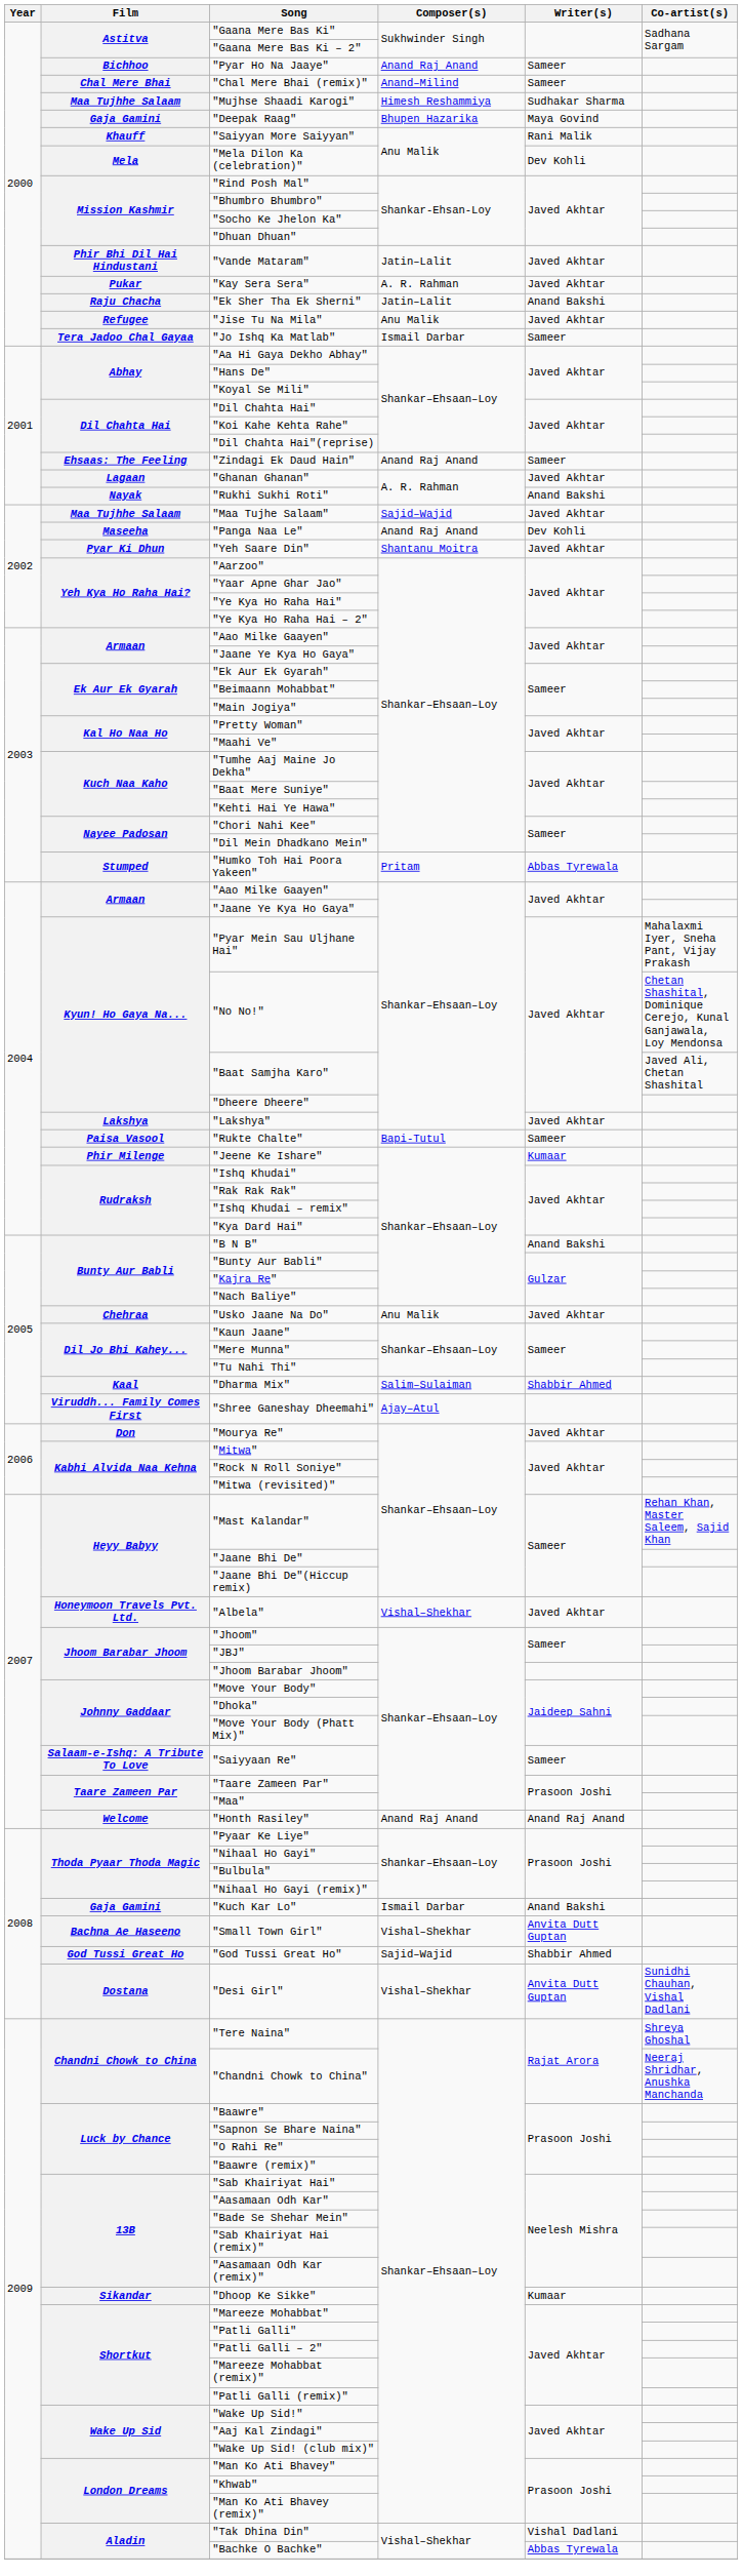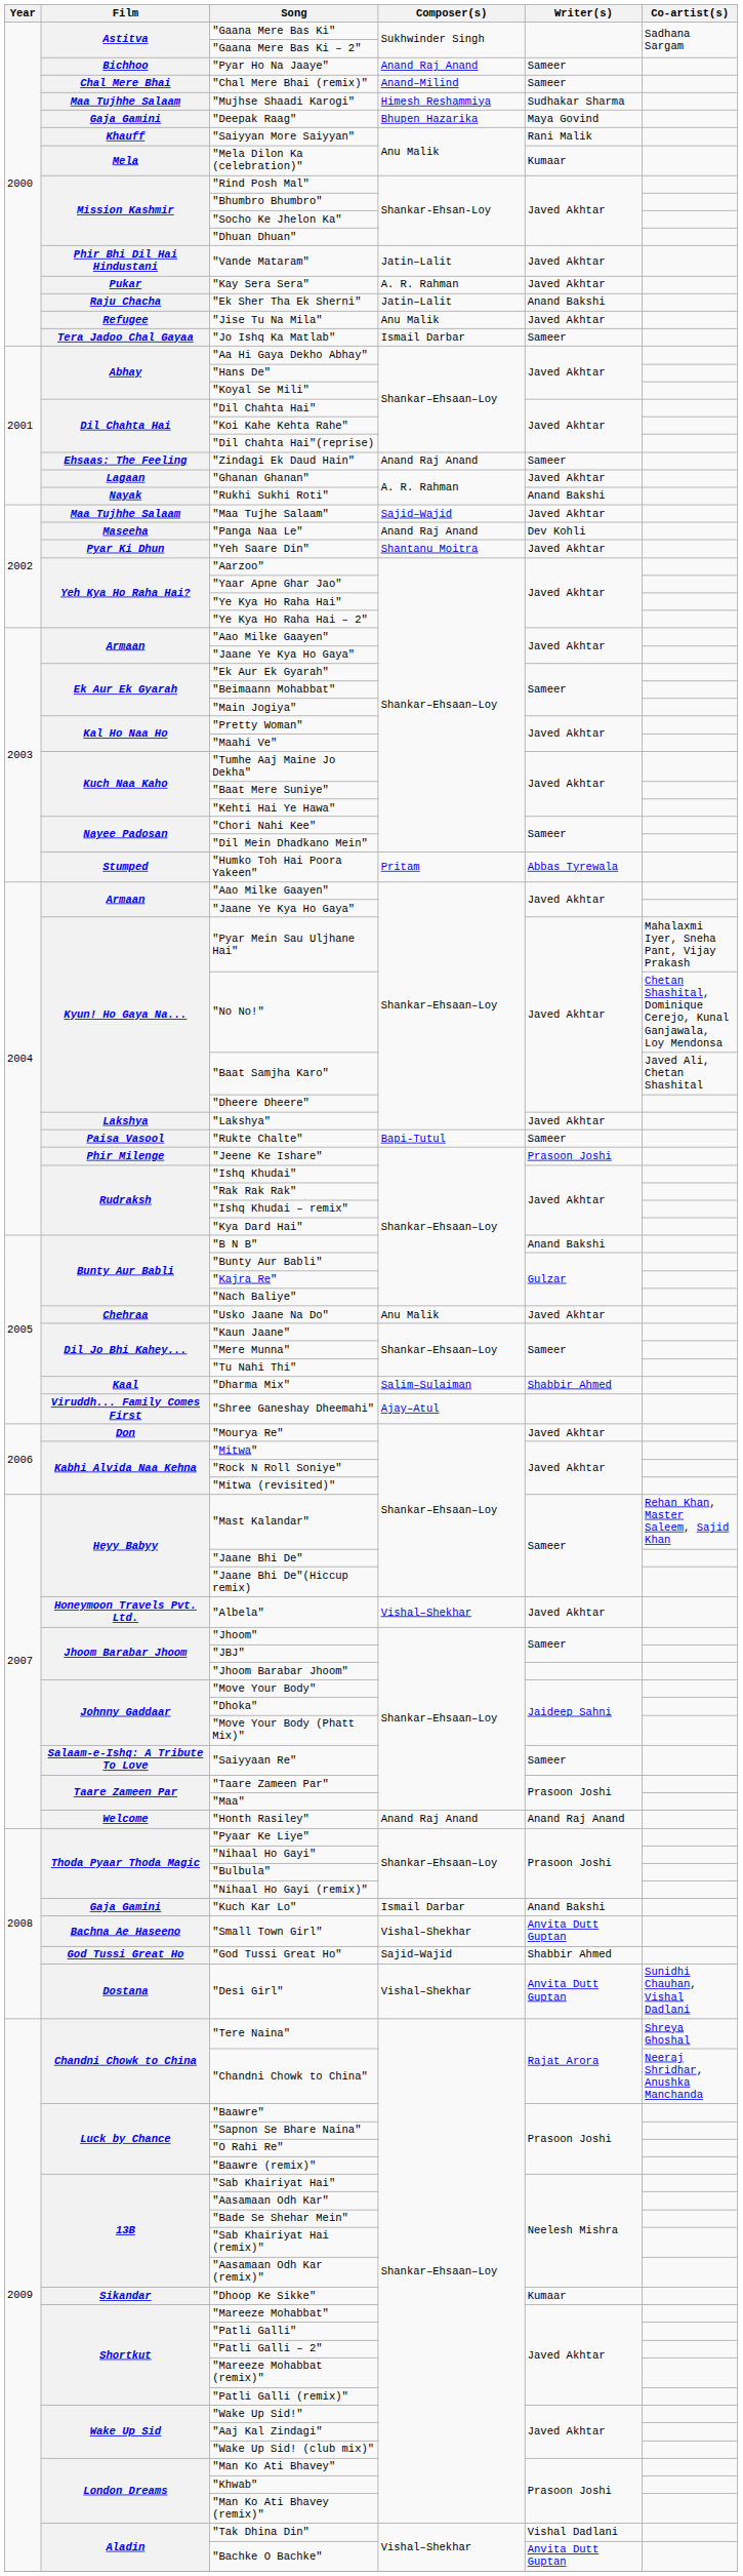 <table class="wikitable plainrowheaders" width="100%" textcolor:#000;">
 <tr style="background:#b0e0e66;">
 <th scope="col" width=5%><strong>Year</strong></th>
 <th scope="col" width=23%><strong>Film</strong></th>
 <th scope="col" width=23%><strong>Song</strong></th>
 <th scope="col" width=20%><strong>Composer(s)</strong></th>
 <th scope="col" width=16%><strong>Writer(s)</strong></th>
 <th><strong>Co-artist(s)</strong></th>
 </tr>
 <tr>
 <td rowspan="17">2000</td>
 <th rowspan="2"><em><a href='#'>Astitva</a></em></th>
 <td>"Gaana Mere Bas Ki"</td>
 <td rowspan="2">Sukhwinder Singh</td>
 <td rowspan="2"></td>
 <td rowspan="2">Sadhana Sargam</td>
 </tr>
 <tr>
 <td>"Gaana Mere Bas Ki – 2"</td>
 </tr>
 <tr>
 <th><em><a href='#'>Bichhoo</a></em></th>
 <td>"Pyar Ho Na Jaaye"</td>
 <td><a href='#'>Anand Raj Anand</a></td>
 <td>Sameer</td>
 <td></td>
 </tr>
 <tr>
 <th><em><a href='#'>Chal Mere Bhai</a></em></th>
 <td>"Chal Mere Bhai (remix)"</td>
 <td><a href='#'>Anand–Milind</a></td>
 <td>Sameer</td>
 <td></td>
 </tr>
 <tr>
 <th><em><a href='#'>Maa Tujhhe Salaam</a></em></th>
 <td>"Mujhse Shaadi Karogi"</td>
 <td><a href='#'>Himesh Reshammiya</a></td>
 <td>Sudhakar Sharma</td>
 <td></td>
 </tr>
 <tr>
 <th><em><a href='#'>Gaja Gamini</a></em></th>
 <td>"Deepak Raag"</td>
 <td><a href='#'>Bhupen Hazarika</a></td>
 <td>Maya Govind</td>
 <td></td>
 </tr>
 <tr>
 <th><em><a href='#'>Khauff</a></em></th>
 <td>"Saiyyan More Saiyyan"</td>
 <td rowspan="2">Anu Malik</td>
 <td>Rani Malik</td>
 <td></td>
 </tr>
 <tr>
 <th><em><a href='#'>Mela</a></em></th>
 <td>"Mela Dilon Ka (celebration)"</td>
-<td>Dev Kohli</td>
+<td>Kumaar</td>
 <td></td>
 </tr>
 <tr>
 <th rowspan="4"><em><a href='#'>Mission Kashmir</a></em></th>
 <td>"Rind Posh Mal"</td>
 <td rowspan="4">Shankar-Ehsan-Loy</td>
 <td rowspan="4">Javed Akhtar</td>
 <td></td>
 </tr>
 <tr>
 <td>"Bhumbro Bhumbro"</td>
 <td></td>
 </tr>
 <tr>
 <td>"Socho Ke Jhelon Ka"</td>
 <td></td>
 </tr>
 <tr>
 <td>"Dhuan Dhuan"</td>
 <td></td>
 </tr>
 <tr>
 <th><em><a href='#'>Phir Bhi Dil Hai Hindustani</a></em></th>
 <td>"Vande Mataram"</td>
 <td>Jatin–Lalit</td>
 <td>Javed Akhtar</td>
 <td></td>
 </tr>
 <tr>
 <th><em><a href='#'>Pukar</a></em></th>
 <td>"Kay Sera Sera"</td>
 <td>A. R. Rahman</td>
 <td>Javed Akhtar</td>
 <td></td>
 </tr>
 <tr>
 <th><em><a href='#'>Raju Chacha</a></em></th>
 <td>"Ek Sher Tha Ek Sherni"</td>
 <td>Jatin–Lalit</td>
 <td>Anand Bakshi</td>
 <td></td>
 </tr>
 <tr>
 <th><em><a href='#'>Refugee</a></em></th>
 <td>"Jise Tu Na Mila"</td>
 <td>Anu Malik</td>
 <td>Javed Akhtar</td>
 <td></td>
 </tr>
 <tr>
 <th><em><a href='#'>Tera Jadoo Chal Gayaa</a></em></th>
 <td>"Jo Ishq Ka Matlab"</td>
 <td>Ismail Darbar</td>
 <td>Sameer</td>
 <td></td>
 </tr>
 <tr>
 <td rowspan="9">2001</td>
 <th rowspan="3"><em><a href='#'>Abhay</a></em></th>
 <td>"Aa Hi Gaya Dekho Abhay"</td>
 <td rowspan="6">Shankar–Ehsaan–Loy</td>
 <td rowspan="3">Javed Akhtar</td>
 <td></td>
 </tr>
 <tr>
 <td>"Hans De"</td>
 <td></td>
 </tr>
 <tr>
 <td>"Koyal Se Mili"</td>
 <td></td>
 </tr>
 <tr>
 <th rowspan="3"><em><a href='#'>Dil Chahta Hai</a></em></th>
 <td>"Dil Chahta Hai"</td>
 <td rowspan="3">Javed Akhtar</td>
 <td></td>
 </tr>
 <tr>
 <td>"Koi Kahe Kehta Rahe"</td>
 <td></td>
 </tr>
 <tr>
 <td>"Dil Chahta Hai"(reprise)</td>
 <td></td>
 </tr>
 <tr>
 <th><em><a href='#'>Ehsaas: The Feeling</a></em></th>
 <td>"Zindagi Ek Daud Hain"</td>
 <td>Anand Raj Anand</td>
 <td>Sameer</td>
 <td></td>
 </tr>
 <tr>
 <th><em><a href='#'>Lagaan</a></em></th>
 <td>"Ghanan Ghanan"</td>
 <td rowspan="2">A. R. Rahman</td>
 <td>Javed Akhtar</td>
 <td></td>
 </tr>
 <tr>
 <th><em><a href='#'>Nayak</a></em></th>
 <td>"Rukhi Sukhi Roti"</td>
 <td>Anand Bakshi</td>
 <td></td>
 </tr>
 <tr>
 <td rowspan="7">2002</td>
 <th><em><a href='#'>Maa Tujhhe Salaam</a></em></th>
 <td>"Maa Tujhe Salaam"</td>
 <td><a href='#'>Sajid–Wajid</a></td>
 <td>Javed Akhtar</td>
 <td></td>
 </tr>
 <tr>
 <th><em><a href='#'>Maseeha</a></em></th>
 <td>"Panga Naa Le"</td>
 <td>Anand Raj Anand</td>
 <td>Dev Kohli</td>
 <td></td>
 </tr>
 <tr>
 <th><em><a href='#'>Pyar Ki Dhun</a></em></th>
 <td>"Yeh Saare Din"</td>
 <td><a href='#'>Shantanu Moitra</a></td>
 <td>Javed Akhtar</td>
 <td></td>
 </tr>
 <tr>
 <th rowspan="4"><em><a href='#'>Yeh Kya Ho Raha Hai?</a></em></th>
 <td>"Aarzoo"</td>
 <td rowspan="16">Shankar–Ehsaan–Loy</td>
 <td rowspan="4">Javed Akhtar</td>
 <td></td>
 </tr>
 <tr>
 <td>"Yaar Apne Ghar Jao"</td>
 <td></td>
 </tr>
 <tr>
 <td>"Ye Kya Ho Raha Hai"</td>
 <td></td>
 </tr>
 <tr>
 <td>"Ye Kya Ho Raha Hai – 2"</td>
 <td></td>
 </tr>
 <tr>
 <td rowspan="13">2003</td>
 <th rowspan="2"><em><a href='#'>Armaan</a></em></th>
 <td>"Aao Milke Gaayen"</td>
 <td rowspan="2">Javed Akhtar</td>
 <td></td>
 </tr>
 <tr>
 <td>"Jaane Ye Kya Ho Gaya"</td>
 <td></td>
 </tr>
 <tr>
 <th rowspan="3"><em><a href='#'>Ek Aur Ek Gyarah</a></em></th>
 <td>"Ek Aur Ek Gyarah"</td>
 <td rowspan="3">Sameer</td>
 <td></td>
 </tr>
 <tr>
 <td>"Beimaann Mohabbat"</td>
 <td></td>
 </tr>
 <tr>
 <td>"Main Jogiya"</td>
 <td></td>
 </tr>
 <tr>
 <th rowspan="2"><em><a href='#'>Kal Ho Naa Ho</a></em></th>
 <td>"Pretty Woman"</td>
 <td rowspan="2">Javed Akhtar</td>
 <td></td>
 </tr>
 <tr>
 <td>"Maahi Ve"</td>
 <td></td>
 </tr>
 <tr>
 <th rowspan="3"><em><a href='#'>Kuch Naa Kaho</a></em></th>
 <td>"Tumhe Aaj Maine Jo Dekha"</td>
 <td rowspan="3">Javed Akhtar</td>
 <td></td>
 </tr>
 <tr>
 <td>"Baat Mere Suniye"</td>
 <td></td>
 </tr>
 <tr>
 <td>"Kehti Hai Ye Hawa"</td>
 <td></td>
 </tr>
 <tr>
 <th rowspan="2"><em><a href='#'>Nayee Padosan</a></em></th>
 <td>"Chori Nahi Kee"</td>
 <td rowspan="2">Sameer</td>
 <td></td>
 </tr>
 <tr>
 <td>"Dil Mein Dhadkano Mein"</td>
 <td></td>
 </tr>
 <tr>
 <th><em><a href='#'>Stumped</a></em></th>
 <td>"Humko Toh Hai Poora Yakeen"</td>
 <td><a href='#'>Pritam</a></td>
 <td><a href='#'>Abbas Tyrewala</a></td>
 <td></td>
 </tr>
 <tr>
 <td rowspan="13">2004</td>
 <th rowspan="2"><em><a href='#'>Armaan</a></em></th>
 <td>"Aao Milke Gaayen"</td>
 <td rowspan="7">Shankar–Ehsaan–Loy</td>
 <td rowspan="2">Javed Akhtar</td>
 <td></td>
 </tr>
 <tr>
 <td>"Jaane Ye Kya Ho Gaya"</td>
 <td></td>
 </tr>
 <tr>
 <th rowspan="4"><em><a href='#'>Kyun! Ho Gaya Na...</a></em></th>
 <td>"Pyar Mein Sau Uljhane Hai"</td>
 <td rowspan="4">Javed Akhtar</td>
 <td>Mahalaxmi Iyer, Sneha Pant, Vijay Prakash</td>
 </tr>
 <tr>
 <td>"No No!"</td>
 <td><a href='#'>Chetan Shashital</a>, Dominique Cerejo, Kunal Ganjawala, Loy Mendonsa</td>
 </tr>
 <tr>
 <td>"Baat Samjha Karo"</td>
 <td>Javed Ali, Chetan Shashital</td>
 </tr>
 <tr>
 <td>"Dheere Dheere"</td>
 <td></td>
 </tr>
 <tr>
 <th><em><a href='#'>Lakshya</a></em></th>
 <td>"Lakshya"</td>
 <td>Javed Akhtar</td>
 <td></td>
 </tr>
 <tr>
 <th><em><a href='#'>Paisa Vasool</a></em></th>
 <td>"Rukte Chalte"</td>
 <td><a href='#'>Bapi-Tutul</a></td>
 <td>Sameer</td>
 <td></td>
 </tr>
 <tr>
 <th><em><a href='#'>Phir Milenge</a></em></th>
 <td>"Jeene Ke Ishare"</td>
 <td rowspan="9">Shankar–Ehsaan–Loy</td>
-<td><a href='#'>Kumaar</a></td>
+<td><a href='#'>Prasoon Joshi</a></td>
 <td></td>
 </tr>
 <tr>
 <th rowspan="4"><em><a href='#'>Rudraksh</a></em></th>
 <td>"Ishq Khudai"</td>
 <td rowspan="4">Javed Akhtar</td>
 <td></td>
 </tr>
 <tr>
 <td>"Rak Rak Rak"</td>
 <td></td>
 </tr>
 <tr>
 <td>"Ishq Khudai – remix"</td>
 <td></td>
 </tr>
 <tr>
 <td>"Kya Dard Hai"</td>
 <td></td>
 </tr>
 <tr>
 <td rowspan="10">2005</td>
 <th rowspan="4"><em><a href='#'>Bunty Aur Babli</a></em></th>
 <td>"B N B"</td>
 <td>Anand Bakshi</td>
 <td></td>
 </tr>
 <tr>
 <td>"Bunty Aur Babli"</td>
 <td rowspan="3"><a href='#'>Gulzar</a></td>
 <td></td>
 </tr>
 <tr>
 <td>"<a href='#'>Kajra Re</a>"</td>
 <td></td>
 </tr>
 <tr>
 <td>"Nach Baliye"</td>
 <td></td>
 </tr>
 <tr>
 <th><em><a href='#'>Chehraa</a></em></th>
 <td>"Usko Jaane Na Do"</td>
 <td>Anu Malik</td>
 <td>Javed Akhtar</td>
 <td></td>
 </tr>
 <tr>
 <th rowspan="3"><em><a href='#'>Dil Jo Bhi Kahey...</a></em></th>
 <td>"Kaun Jaane"</td>
 <td rowspan="3">Shankar–Ehsaan–Loy</td>
 <td rowspan="3">Sameer</td>
 <td></td>
 </tr>
 <tr>
 <td>"Mere Munna"</td>
 <td></td>
 </tr>
 <tr>
 <td>"Tu Nahi Thi"</td>
 <td></td>
 </tr>
 <tr>
 <th><em><a href='#'>Kaal</a></em></th>
 <td>"Dharma Mix"</td>
 <td><a href='#'>Salim–Sulaiman</a></td>
 <td><a href='#'>Shabbir Ahmed</a></td>
 <td></td>
 </tr>
 <tr>
 <th><em><a href='#'>Viruddh... Family Comes First</a></em></th>
 <td>"Shree Ganeshay Dheemahi"</td>
 <td><a href='#'>Ajay–Atul</a></td>
 <td></td>
 <td></td>
 </tr>
 <tr>
 <td rowspan="4">2006</td>
 <th><em><a href='#'>Don</a></em></th>
 <td>"Mourya Re"</td>
 <td rowspan="7">Shankar–Ehsaan–Loy</td>
 <td>Javed Akhtar</td>
 <td></td>
 </tr>
 <tr>
 <th rowspan="3"><em><a href='#'>Kabhi Alvida Naa Kehna</a></em></th>
 <td>"<a href='#'>Mitwa</a>"</td>
 <td rowspan="3">Javed Akhtar</td>
 <td></td>
 </tr>
 <tr>
 <td>"Rock N Roll Soniye"</td>
 <td></td>
 </tr>
 <tr>
 <td>"Mitwa (revisited)"</td>
 <td></td>
 </tr>
 <tr>
 <td rowspan="14">2007</td>
 <th rowspan="3"><em><a href='#'>Heyy Babyy</a></em></th>
 <td>"Mast Kalandar"</td>
 <td rowspan="3">Sameer</td>
 <td><a href='#'>Rehan Khan</a>, <a href='#'>Master Saleem</a>, <a href='#'>Sajid Khan</a></td>
 </tr>
 <tr>
 <td>"Jaane Bhi De"</td>
 <td></td>
 </tr>
 <tr>
 <td>"Jaane Bhi De"(Hiccup remix)</td>
 <td></td>
 </tr>
 <tr>
 <th><em><a href='#'>Honeymoon Travels Pvt. Ltd.</a></em></th>
 <td>"Albela"</td>
 <td><a href='#'>Vishal–Shekhar</a></td>
 <td>Javed Akhtar</td>
 <td></td>
 </tr>
 <tr>
 <th rowspan="3"><em><a href='#'>Jhoom Barabar Jhoom</a></em></th>
 <td>"Jhoom"</td>
 <td rowspan="9">Shankar–Ehsaan–Loy</td>
 <td rowspan="2">Sameer</td>
 <td></td>
 </tr>
 <tr>
 <td>"JBJ"</td>
 <td></td>
 </tr>
 <tr>
 <td>"Jhoom Barabar Jhoom"</td>
 <td></td>
 <td></td>
 </tr>
 <tr>
 <th rowspan="3"><em><a href='#'>Johnny Gaddaar</a></em></th>
 <td>"Move Your Body"</td>
 <td rowspan="3"><a href='#'>Jaideep Sahni</a></td>
 <td></td>
 </tr>
 <tr>
 <td>"Dhoka"</td>
 <td></td>
 </tr>
 <tr>
 <td>"Move Your Body (Phatt Mix)"</td>
 <td></td>
 </tr>
 <tr>
 <th><em><a href='#'>Salaam-e-Ishq: A Tribute To Love</a></em></th>
 <td>"Saiyyaan Re"</td>
 <td>Sameer</td>
 <td></td>
 </tr>
 <tr>
 <th rowspan="2"><em><a href='#'>Taare Zameen Par</a></em></th>
 <td>"Taare Zameen Par"</td>
 <td rowspan="2">Prasoon Joshi</td>
 <td></td>
 </tr>
 <tr>
 <td>"Maa"</td>
 <td></td>
 </tr>
 <tr>
 <th><em><a href='#'>Welcome</a></em></th>
 <td>"Honth Rasiley"</td>
 <td>Anand Raj Anand</td>
 <td>Anand Raj Anand</td>
 <td></td>
 </tr>
 <tr>
 <td rowspan="8">2008</td>
 <th rowspan="4"><em><a href='#'>Thoda Pyaar Thoda Magic</a></em></th>
 <td>"Pyaar Ke Liye"</td>
 <td rowspan="4">Shankar–Ehsaan–Loy</td>
 <td rowspan="4">Prasoon Joshi</td>
 <td></td>
 </tr>
 <tr>
 <td>"Nihaal Ho Gayi"</td>
 <td></td>
 </tr>
 <tr>
 <td>"Bulbula"</td>
 <td></td>
 </tr>
 <tr>
 <td>"Nihaal Ho Gayi (remix)"</td>
 <td></td>
 </tr>
 <tr>
 <th><em><a href='#'>Gaja Gamini</a></em></th>
 <td>"Kuch Kar Lo"</td>
 <td>Ismail Darbar</td>
 <td>Anand Bakshi</td>
 <td></td>
 </tr>
 <tr>
 <th><em><a href='#'>Bachna Ae Haseeno</a></em></th>
 <td>"Small Town Girl"</td>
 <td>Vishal–Shekhar</td>
 <td><a href='#'>Anvita Dutt Guptan</a></td>
 <td></td>
 </tr>
 <tr>
 <th><em><a href='#'>God Tussi Great Ho</a></em></th>
 <td>"God Tussi Great Ho"</td>
 <td>Sajid–Wajid</td>
 <td>Shabbir Ahmed</td>
 <td></td>
 </tr>
 <tr>
 <th><em><a href='#'>Dostana</a></em></th>
 <td>"Desi Girl"</td>
 <td>Vishal–Shekhar</td>
 <td><a href='#'>Anvita Dutt Guptan</a></td>
 <td><a href='#'>Sunidhi Chauhan</a>, <a href='#'>Vishal Dadlani</a></td>
 </tr>
 <tr>
 <td rowspan="25">2009</td>
 <th rowspan="2"><em><a href='#'>Chandni Chowk to China</a></em></th>
 <td>"Tere Naina"</td>
 <td rowspan="23">Shankar–Ehsaan–Loy</td>
 <td rowspan="2"><a href='#'>Rajat Arora</a></td>
 <td><a href='#'>Shreya Ghoshal</a></td>
 </tr>
 <tr>
 <td>"Chandni Chowk to China"</td>
 <td><a href='#'>Neeraj Shridhar</a>, <a href='#'>Anushka Manchanda</a></td>
 </tr>
 <tr>
 <th rowspan="4"><em><a href='#'>Luck by Chance</a></em></th>
 <td>"Baawre"</td>
 <td rowspan="4">Prasoon Joshi</td>
 <td></td>
 </tr>
 <tr>
 <td>"Sapnon Se Bhare Naina"</td>
 <td></td>
 </tr>
 <tr>
 <td>"O Rahi Re"</td>
 <td></td>
 </tr>
 <tr>
 <td>"Baawre (remix)"</td>
 <td></td>
 </tr>
 <tr>
 <th rowspan="5"><em><a href='#'>13B</a></em></th>
 <td>"Sab Khairiyat Hai"</td>
 <td rowspan="5">Neelesh Mishra</td>
 <td></td>
 </tr>
 <tr>
 <td>"Aasamaan Odh Kar"</td>
 <td></td>
 </tr>
 <tr>
 <td>"Bade Se Shehar Mein"</td>
 <td></td>
 </tr>
 <tr>
 <td>"Sab Khairiyat Hai (remix)"</td>
 <td></td>
 </tr>
 <tr>
 <td>"Aasamaan Odh Kar (remix)"</td>
 <td></td>
 </tr>
 <tr>
 <th><em><a href='#'>Sikandar</a></em></th>
 <td>"Dhoop Ke Sikke"</td>
 <td>Kumaar</td>
 <td></td>
 </tr>
 <tr>
 <th rowspan="5"><em><a href='#'>Shortkut</a></em></th>
 <td>"Mareeze Mohabbat"</td>
 <td rowspan="5">Javed Akhtar</td>
 <td></td>
 </tr>
 <tr>
 <td>"Patli Galli"</td>
 <td></td>
 </tr>
 <tr>
 <td>"Patli Galli – 2"</td>
 <td></td>
 </tr>
 <tr>
 <td>"Mareeze Mohabbat (remix)"</td>
 <td></td>
 </tr>
 <tr>
 <td>"Patli Galli (remix)"</td>
 <td></td>
 </tr>
 <tr>
 <th rowspan="3"><em><a href='#'>Wake Up Sid</a></em></th>
 <td>"Wake Up Sid!"</td>
 <td rowspan="3">Javed Akhtar</td>
 <td></td>
 </tr>
 <tr>
 <td>"Aaj Kal Zindagi"</td>
 <td></td>
 </tr>
 <tr>
 <td>"Wake Up Sid! (club mix)"</td>
 <td></td>
 </tr>
 <tr>
 <th rowspan="3"><em><a href='#'>London Dreams</a></em></th>
 <td>"Man Ko Ati Bhavey"</td>
 <td rowspan="3">Prasoon Joshi</td>
 <td></td>
 </tr>
 <tr>
 <td>"Khwab"</td>
 <td></td>
 </tr>
 <tr>
 <td>"Man Ko Ati Bhavey (remix)"</td>
 <td></td>
 </tr>
 <tr>
 <th rowspan="2"><em><a href='#'>Aladin</a></em></th>
 <td>"Tak Dhina Din"</td>
 <td rowspan="2">Vishal–Shekhar</td>
 <td>Vishal Dadlani</td>
 <td></td>
 </tr>
 <tr>
 <td>"Bachke O Bachke"</td>
-<td><a href='#'>Abbas Tyrewala</a></td>
+<td><a href='#'>Anvita Dutt Guptan</a></td>
 <td></td>
 </tr>
 <tr>
 </tr>
 </table>
